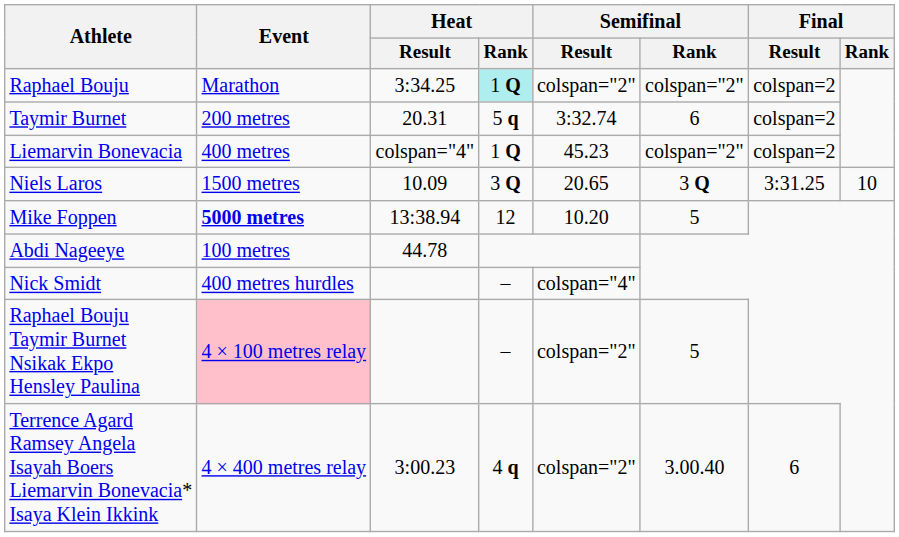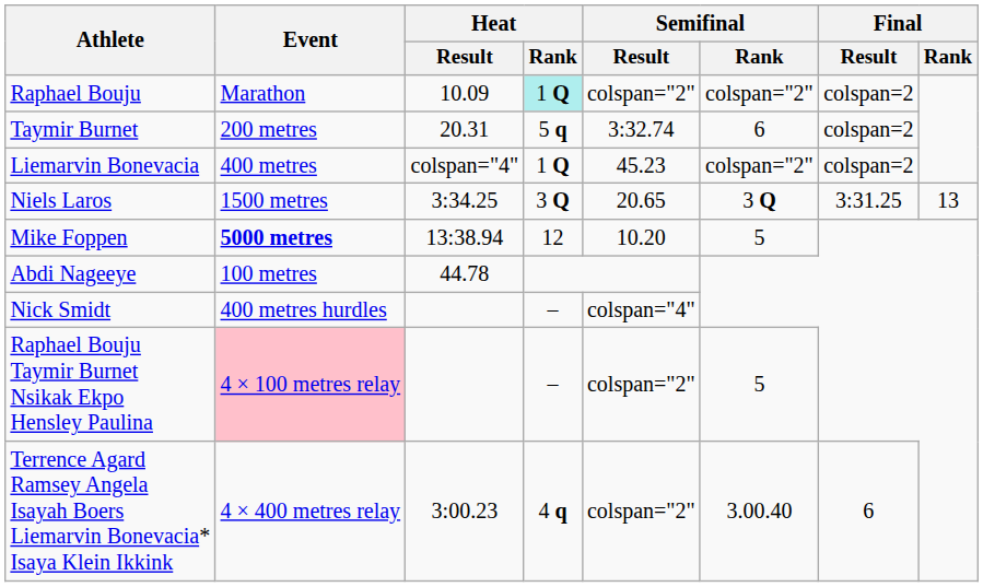 <table class="wikitable" style="font-size:90%">
 <tr>
 <th rowspan="2">Athlete</th>
 <th rowspan="2">Event</th>
 <th colspan="2">Heat</th>
 <th colspan="2">Semifinal</th>
 <th colspan="2">Final</th>
 </tr>
 <tr style="font-size:95%">
 <th>Result</th>
 <th>Rank</th>
 <th>Result</th>
 <th>Rank</th>
 <th>Result</th>
 <th>Rank</th>
 </tr>
 <tr align="center">
 <td align=left><a href='#'>Raphael Bouju</a></td>
 <td align=left><a href='#'>Marathon</a></td>
-<td>3:34.25</td>
+<td>10.09</td>
 <td style="background: paleturquoise;">1 <strong>Q</strong></td>
 <td>colspan="2" </td>
 <td>colspan="2" </td>
 <td>colspan=2 </td>
 </tr>
 <tr align="center">
 <td align=left><a href='#'>Taymir Burnet</a></td>
 <td align=left><a href='#'>200 metres</a></td>
 <td>20.31 </td>
 <td>5 <strong>q</strong></td>
 <td>3:32.74 </td>
 <td>6</td>
 <td>colspan=2 </td>
 </tr>
 <tr align="center">
 <td align=left><a href='#'>Liemarvin Bonevacia</a></td>
 <td align=left><a href='#'>400 metres</a></td>
 <td>colspan="4" </td>
 <td>1 <strong>Q</strong></td>
 <td>45.23</td>
 <td>colspan="2" </td>
 <td>colspan=2 </td>
 </tr>
 <tr align="center">
 <td align=left><a href='#'>Niels Laros</a></td>
 <td align=left><a href='#'>1500 metres</a></td>
-<td>10.09</td>
+<td>3:34.25</td>
 <td>3 <strong>Q</strong></td>
 <td>20.65</td>
 <td>3 <strong>Q</strong></td>
 <td>3:31.25 </td>
-<td>10</td>
+<td>13</td>
 </tr>
 <tr align="center">
 <td align=left><a href='#'>Mike Foppen</a></td>
 <td align=left><strong><a href='#'>5000 metres</a></strong></td>
 <td>13:38.94</td>
 <td>12</td>
 <td>10.20</td>
 <td>5</td>
 </tr>
 <tr align="center">
 <td align=left><a href='#'>Abdi Nageeye</a></td>
 <td align=left><a href='#'>100 metres</a></td>
 <td>44.78 </td>
 <td colspan=2></td>
 </tr>
 <tr align="center">
 <td align=left><a href='#'>Nick Smidt</a></td>
 <td align=left><a href='#'>400 metres hurdles</a></td>
 <td></td>
 <td>–</td>
 <td>colspan="4" </td>
 </tr>
 <tr align="center">
 <td align=left><a href='#'>Raphael Bouju</a><br><a href='#'>Taymir Burnet</a><br><a href='#'>Nsikak Ekpo</a><br><a href='#'>Hensley Paulina</a></td>
 <td align=left style="background: pink;"><a href='#'>4 × 100 metres relay</a></td>
 <td></td>
 <td>–</td>
 <td>colspan="2" </td>
 <td>5</td>
 </tr>
 <tr align="center">
 <td align=left><a href='#'>Terrence Agard</a><br><a href='#'>Ramsey Angela</a><br><a href='#'>Isayah Boers</a><br><a href='#'>Liemarvin Bonevacia</a>*<br><a href='#'>Isaya Klein Ikkink</a></td>
 <td align=left><a href='#'>4 × 400 metres relay</a></td>
 <td>3:00.23 </td>
 <td>4 <strong>q</strong></td>
 <td>colspan="2" </td>
 <td>3.00.40</td>
 <td>6</td>
 </tr>
 </table>
